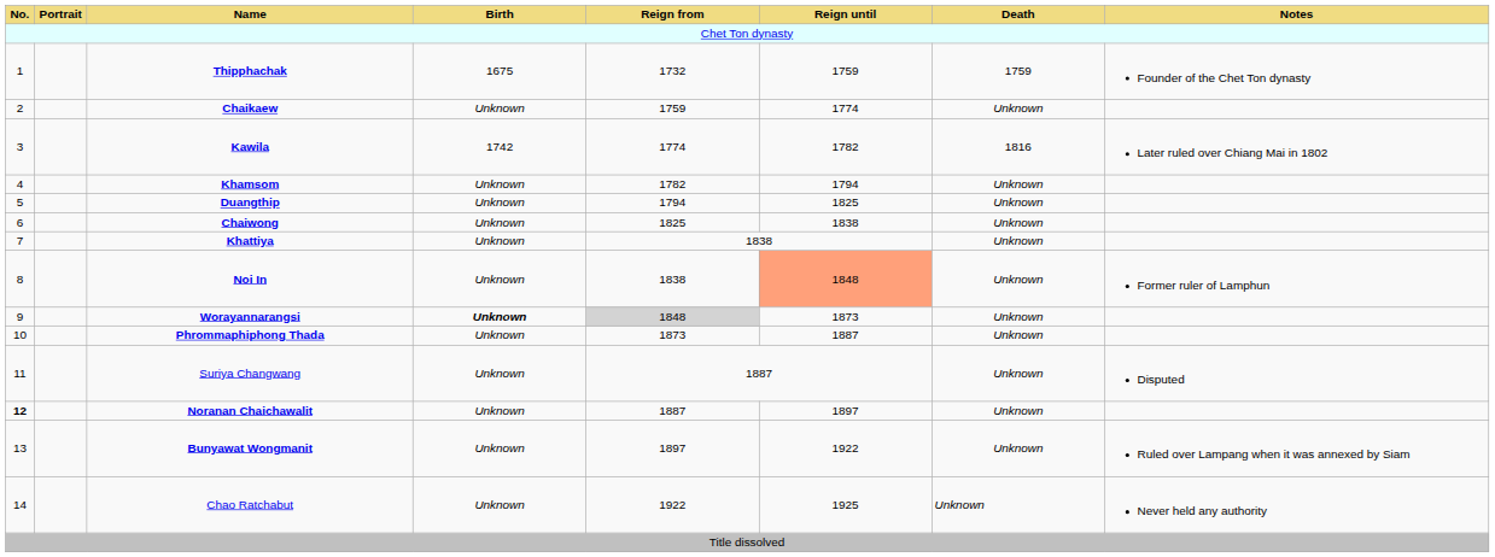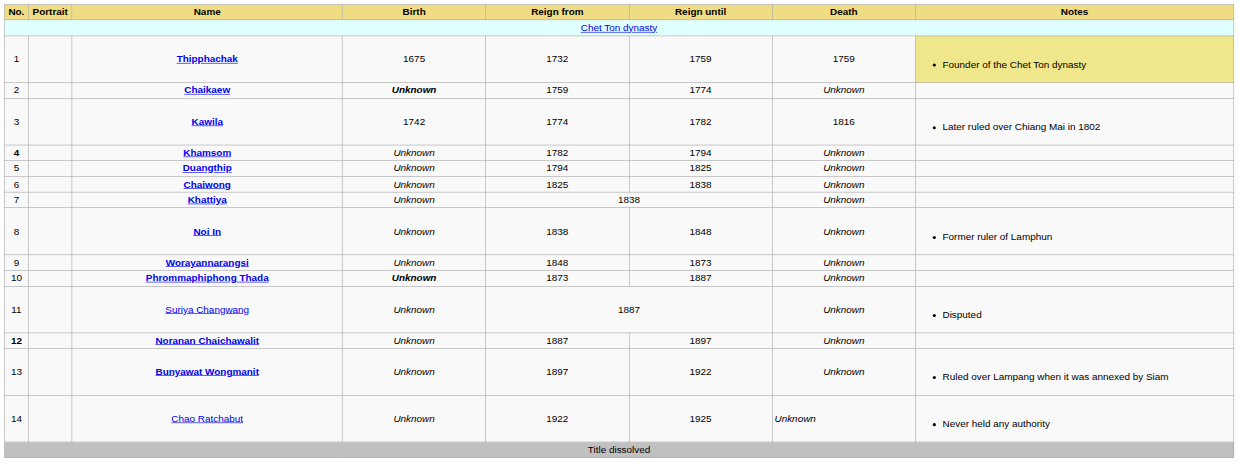 <table class="wikitable" width="100%">
 <tr>
 <th width="1%" style="background-color:#F0DC82">No.</th>
 <th width="1%" style="background-color:#F0DC82">Portrait</th>
 <th width="17%" style="background-color:#F0DC82">Name</th>
 <th width="9%" style="background-color:#F0DC82">Birth</th>
 <th width="9%" style="background-color:#F0DC82">Reign from</th>
 <th width="9%" style="background-color:#F0DC82">Reign until</th>
 <th width="9%" style="background-color:#F0DC82">Death</th>
 <th width="20%" style="background-color:#F0DC82">Notes</th>
 </tr>
 <tr>
 <td colspan="8" style="text-align:center; background: #E0FFFF;"><a href='#'>Chet Ton dynasty</a></td>
 </tr>
 <tr>
 <td style="text-align:center">1</td>
 <td style="text-align:center"></td>
 <td style="text-align:center"><a href='#'><strong>Thipphachak</strong></a></td>
 <td style="text-align:center">1675</td>
 <td style="text-align:center">1732</td>
 <td style="text-align:center">1759</td>
 <td style="text-align:center">1759</td>
-<td><br><ul><li>Founder of the Chet Ton dynasty</li></ul></td>
+<td style="background: khaki;"><br><ul><li>Founder of the Chet Ton dynasty</li></ul></td>
 </tr>
 <tr>
 <td style="text-align:center">2</td>
 <td style="text-align:center"></td>
 <td style="text-align:center"><strong><a href='#'>Chaikaew</a></strong></td>
-<td style="text-align:center"><em>Unknown</em></td>
+<td style="text-align:center"><strong><em>Unknown</em></strong></td>
 <td style="text-align:center">1759</td>
 <td style="text-align:center">1774</td>
 <td style="text-align:center"><em>Unknown</em></td>
 <td></td>
 </tr>
 <tr>
 <td style="text-align:center">3</td>
 <td style="text-align:center"></td>
 <td style="text-align:center"><strong><a href='#'>Kawila</a></strong></td>
 <td style="text-align:center">1742</td>
 <td style="text-align:center">1774</td>
 <td style="text-align:center">1782</td>
 <td style="text-align:center">1816</td>
 <td><br><ul><li>Later ruled over Chiang Mai in 1802</li></ul></td>
 </tr>
 <tr>
-<td style="text-align:center">4</td>
+<td style="text-align:center"><strong>4</strong></td>
 <td style="text-align:center"></td>
 <td style="text-align:center"><a href='#'><strong>Khamsom</strong></a></td>
 <td style="text-align:center"><em>Unknown</em></td>
 <td style="text-align:center">1782</td>
 <td style="text-align:center">1794</td>
 <td style="text-align:center"><em>Unknown</em></td>
 <td></td>
 </tr>
 <tr>
 <td style="text-align:center">5</td>
 <td style="text-align:center"></td>
 <td style="text-align:center"><strong><a href='#'>Duangthip</a></strong></td>
 <td style="text-align:center"><em>Unknown</em></td>
 <td style="text-align:center">1794</td>
 <td style="text-align:center">1825</td>
 <td style="text-align:center"><em>Unknown</em></td>
 <td></td>
 </tr>
 <tr>
 <td style="text-align:center">6</td>
 <td style="text-align:center"></td>
 <td style="text-align:center"><a href='#'><strong>Chaiwong</strong></a></td>
 <td style="text-align:center"><em>Unknown</em></td>
 <td style="text-align:center">1825</td>
 <td style="text-align:center">1838</td>
 <td style="text-align:center"><em>Unknown</em></td>
 <td></td>
 </tr>
 <tr>
 <td style="text-align:center">7</td>
 <td style="text-align:center"></td>
 <td style="text-align:center"><a href='#'><strong>Khattiya</strong></a></td>
 <td style="text-align:center"><em>Unknown</em></td>
 <td colspan="2" style="text-align:center">1838</td>
 <td style="text-align:center"><em>Unknown</em></td>
 <td></td>
 </tr>
 <tr>
 <td style="text-align:center">8</td>
 <td style="text-align:center"></td>
 <td style="text-align:center"><a href='#'><strong>Noi In</strong></a></td>
 <td style="text-align:center"><em>Unknown</em></td>
 <td style="text-align:center">1838</td>
-<td style="background: lightsalmon; text-align:center">1848</td>
+<td style="text-align:center">1848</td>
 <td style="text-align:center"><em>Unknown</em></td>
 <td><br><ul><li>Former ruler of Lamphun</li></ul></td>
 </tr>
 <tr>
 <td style="text-align:center">9</td>
 <td style="text-align:center"></td>
 <td style="text-align:center"><strong><a href='#'>Worayannarangsi</a></strong></td>
-<td style="text-align:center"><strong><em>Unknown</em></strong></td>
-<td style="background: lightgrey; text-align:center">1848</td>
+<td style="text-align:center"><em>Unknown</em></td>
+<td style="text-align:center">1848</td>
 <td style="text-align:center">1873</td>
 <td style="text-align:center"><em>Unknown</em></td>
 <td></td>
 </tr>
 <tr>
 <td style="text-align:center">10</td>
 <td style="text-align:center"></td>
 <td style="text-align:center"><a href='#'><strong>Phrommaphiphong Thada</strong></a></td>
-<td style="text-align:center"><em>Unknown</em></td>
+<td style="text-align:center"><strong><em>Unknown</em></strong></td>
 <td style="text-align:center">1873</td>
 <td style="text-align:center">1887</td>
 <td style="text-align:center"><em>Unknown</em></td>
 <td></td>
 </tr>
 <tr>
 <td style="text-align:center">11</td>
 <td style="text-align:center"></td>
 <td style="text-align:center"><a href='#'>Suriya Changwang</a></td>
 <td style="text-align:center"><em>Unknown</em></td>
 <td colspan="2" style="text-align:center">1887</td>
 <td style="text-align:center"><em>Unknown</em></td>
 <td><br><ul><li>Disputed</li></ul></td>
 </tr>
 <tr>
 <td style="text-align:center"><strong>12</strong></td>
 <td style="text-align:center"></td>
 <td style="text-align:center"><a href='#'><strong>Noranan Chaichawalit</strong></a></td>
 <td style="text-align:center"><em>Unknown</em></td>
 <td style="text-align:center">1887</td>
 <td style="text-align:center">1897</td>
 <td style="text-align:center"><em>Unknown</em></td>
 <td></td>
 </tr>
 <tr>
 <td style="text-align:center">13</td>
 <td style="text-align:center"></td>
 <td style="text-align:center"><a href='#'><strong>Bunyawat Wongmanit</strong></a></td>
 <td style="text-align:center"><em>Unknown</em></td>
 <td style="text-align:center">1897</td>
 <td style="text-align:center">1922</td>
 <td style="text-align:center"><em>Unknown</em></td>
 <td><br><ul><li>Ruled over Lampang when it was annexed by Siam</li></ul></td>
 </tr>
 <tr>
 <td style="text-align:center">14</td>
 <td style="text-align:center"></td>
 <td style="text-align:center"><a href='#'>Chao Ratchabut</a></td>
 <td style="text-align:center"><em>Unknown</em></td>
 <td style="text-align:center">1922</td>
 <td style="text-align:center">1925</td>
 <td><em>Unknown</em></td>
 <td><br><ul><li>Never held any authority</li></ul></td>
 </tr>
 <tr>
 <td colspan="8" style="text-align:center; background:silver">Title dissolved</td>
 </tr>
 </table>
